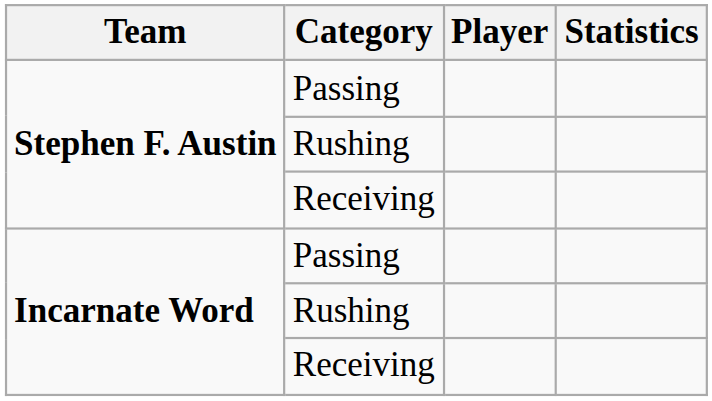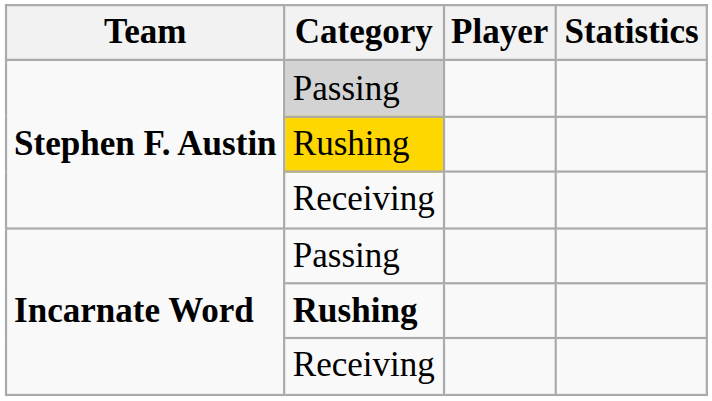 <table class="wikitable" style="float: right;">
 <tr>
 <th>Team</th>
 <th>Category</th>
 <th>Player</th>
 <th>Statistics</th>
 </tr>
 <tr>
 <td rowspan=3><strong>Stephen F. Austin</strong></td>
-<td>Passing</td>
+<td style="background: lightgrey;">Passing</td>
 <td></td>
 <td></td>
 </tr>
 <tr>
-<td>Rushing</td>
+<td style="background: gold;">Rushing</td>
 <td></td>
 <td></td>
 </tr>
 <tr>
 <td>Receiving</td>
 <td></td>
 <td></td>
 </tr>
 <tr>
 <td rowspan=3><strong>Incarnate Word</strong></td>
 <td>Passing</td>
 <td></td>
 <td></td>
 </tr>
 <tr>
-<td>Rushing</td>
+<td><strong>Rushing</strong></td>
 <td></td>
 <td></td>
 </tr>
 <tr>
 <td>Receiving</td>
 <td></td>
 <td></td>
 </tr>
 </table>
